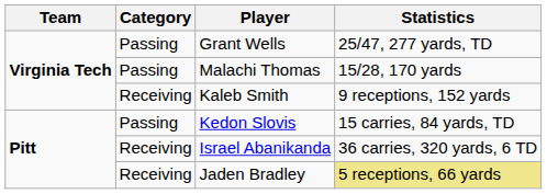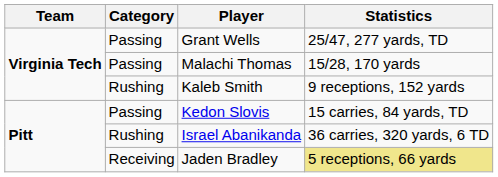 <table class="wikitable" style="float: right;">
 <tr>
 <th>Team</th>
 <th>Category</th>
 <th>Player</th>
 <th>Statistics</th>
 </tr>
 <tr>
 <td rowspan=3><strong>Virginia Tech</strong></td>
 <td>Passing</td>
 <td>Grant Wells</td>
 <td>25/47, 277 yards, TD</td>
 </tr>
 <tr>
 <td>Passing</td>
 <td>Malachi Thomas</td>
 <td>15/28, 170 yards</td>
 </tr>
 <tr>
-<td>Receiving</td>
+<td>Rushing</td>
 <td>Kaleb Smith</td>
 <td>9 receptions, 152 yards</td>
 </tr>
 <tr>
 <td rowspan=3><strong>Pitt</strong></td>
 <td>Passing</td>
 <td><a href='#'>Kedon Slovis</a></td>
 <td>15 carries, 84 yards, TD</td>
 </tr>
 <tr>
-<td>Receiving</td>
+<td>Rushing</td>
 <td><a href='#'>Israel Abanikanda</a></td>
 <td>36 carries, 320 yards, 6 TD</td>
 </tr>
 <tr>
 <td>Receiving</td>
 <td>Jaden Bradley</td>
 <td style="background: khaki;">5 receptions, 66 yards</td>
 </tr>
 </table>
